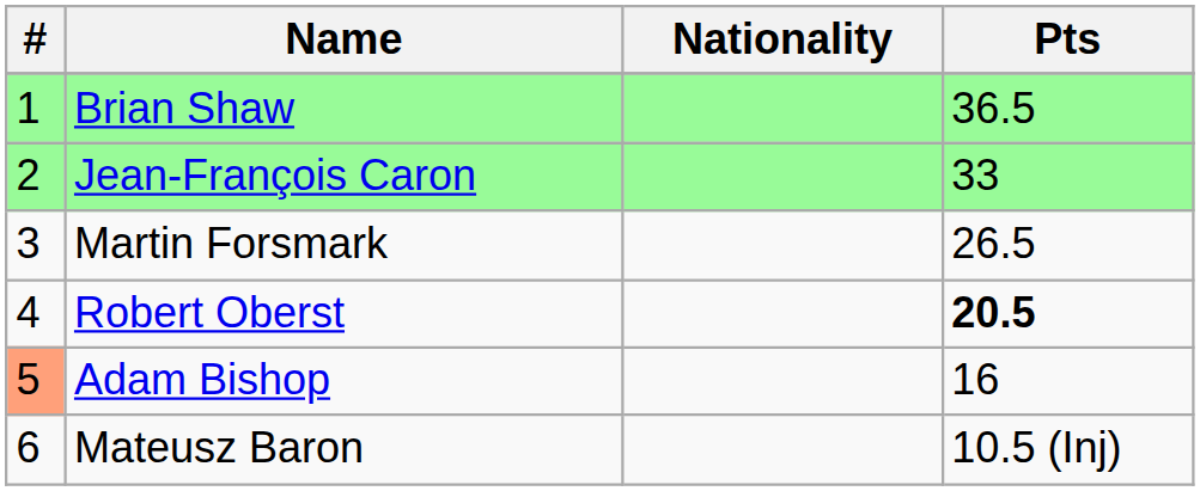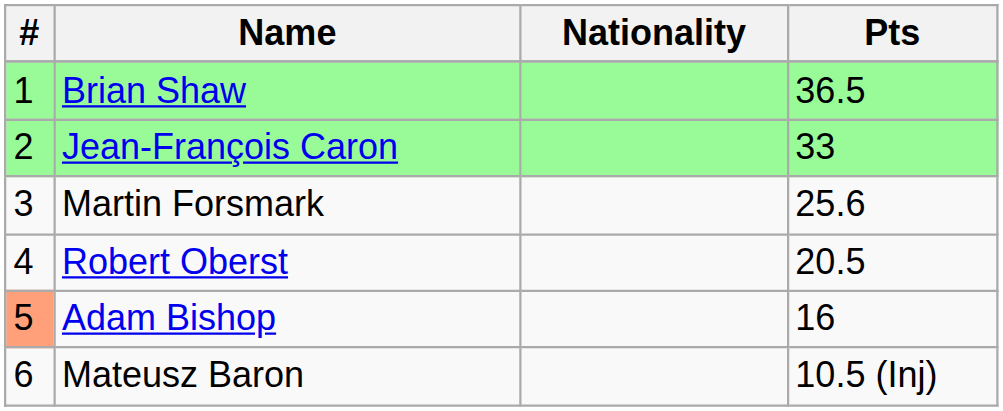 <table class="wikitable" style="display: inline-table; width: 50%;">
 <tr>
 <th>#</th>
 <th>Name</th>
 <th>Nationality</th>
 <th>Pts</th>
 </tr>
 <tr>
 </tr>
 <tr style="background:palegreen">
 <td>1</td>
 <td><a href='#'>Brian Shaw</a></td>
 <td></td>
 <td>36.5</td>
 </tr>
 <tr>
 </tr>
 <tr style="background:palegreen">
 <td>2</td>
 <td><a href='#'>Jean-François Caron</a></td>
 <td></td>
 <td>33</td>
 </tr>
 <tr>
 <td>3</td>
 <td>Martin Forsmark</td>
 <td></td>
-<td>26.5</td>
+<td>25.6</td>
 </tr>
 <tr>
 <td>4</td>
 <td><a href='#'>Robert Oberst</a></td>
 <td></td>
-<td><strong>20.5</strong></td>
+<td>20.5</td>
 </tr>
 <tr>
 <td style="background: lightsalmon;">5</td>
 <td><a href='#'>Adam Bishop</a></td>
 <td></td>
 <td>16</td>
 </tr>
 <tr>
 <td>6</td>
 <td>Mateusz Baron</td>
 <td></td>
 <td>10.5 (Inj)</td>
 </tr>
 </table>
